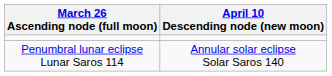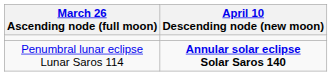 <table class="wikitable">
 <tr>
 <th><a href='#'>March 26</a><br>Ascending node (full moon)<br></th>
 <th><a href='#'>April 10</a><br>Descending node (new moon)<br></th>
 </tr>
 <tr>
 <td></td>
 <td></td>
 </tr>
 <tr align=center>
 <td><a href='#'>Penumbral lunar eclipse</a><br>Lunar Saros 114</td>
-<td><a href='#'>Annular solar eclipse</a><br>Solar Saros 140</td>
+<td><strong><a href='#'>Annular solar eclipse</a><br>Solar Saros 140</strong></td>
 </tr>
 </table>
